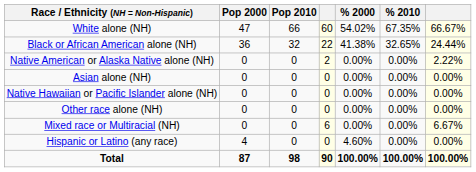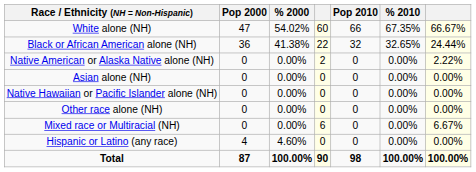 <table class="wikitable" style="text-align:center;">
 <tr>
 <th>Race / Ethnicity <small>(<em>NH = Non-Hispanic</em>)</small></th>
 <th>Pop 2000</th>
+<th>% 2000</th>
+<th></th>
 <th>Pop 2010</th>
-<th></th>
-<th>% 2000</th>
 <th>% 2010</th>
 <th></th>
 </tr>
 <tr>
 <td><a href='#'>White</a> alone (NH)</td>
 <td>47</td>
+<td>54.02%</td>
+<td style='background: #ffffe6;'>60</td>
 <td>66</td>
-<td style='background: #ffffe6;'>60</td>
-<td>54.02%</td>
 <td>67.35%</td>
 <td style='background: #ffffe6;'>66.67%</td>
 </tr>
 <tr>
 <td><a href='#'>Black or African American</a> alone (NH)</td>
 <td>36</td>
+<td>41.38%</td>
+<td style='background: #ffffe6;'>22</td>
 <td>32</td>
-<td style='background: #ffffe6;'>22</td>
-<td>41.38%</td>
 <td>32.65%</td>
 <td style='background: #ffffe6;'>24.44%</td>
 </tr>
 <tr>
 <td><a href='#'>Native American</a> or <a href='#'>Alaska Native</a> alone (NH)</td>
 <td>0</td>
+<td>0.00%</td>
+<td style='background: #ffffe6;'>2</td>
 <td>0</td>
-<td style='background: #ffffe6;'>2</td>
-<td>0.00%</td>
 <td>0.00%</td>
 <td style='background: #ffffe6;'>2.22%</td>
 </tr>
 <tr>
 <td><a href='#'>Asian</a> alone (NH)</td>
 <td>0</td>
+<td>0.00%</td>
+<td style='background: #ffffe6;'>0</td>
 <td>0</td>
-<td style='background: #ffffe6;'>0</td>
-<td>0.00%</td>
 <td>0.00%</td>
 <td style='background: #ffffe6;'>0.00%</td>
 </tr>
 <tr>
 <td><a href='#'>Native Hawaiian</a> or <a href='#'>Pacific Islander</a> alone (NH)</td>
 <td>0</td>
+<td>0.00%</td>
+<td style='background: #ffffe6;'>0</td>
 <td>0</td>
-<td style='background: #ffffe6;'>0</td>
-<td>0.00%</td>
 <td>0.00%</td>
 <td style='background: #ffffe6;'>0.00%</td>
 </tr>
 <tr>
 <td><a href='#'>Other race</a> alone (NH)</td>
 <td>0</td>
+<td>0.00%</td>
+<td style='background: #ffffe6;'>0</td>
 <td>0</td>
-<td style='background: #ffffe6;'>0</td>
-<td>0.00%</td>
 <td>0.00%</td>
 <td style='background: #ffffe6;'>0.00%</td>
 </tr>
 <tr>
 <td><a href='#'>Mixed race or Multiracial</a> (NH)</td>
 <td>0</td>
+<td>0.00%</td>
+<td style='background: #ffffe6;'>6</td>
 <td>0</td>
-<td style='background: #ffffe6;'>6</td>
-<td>0.00%</td>
 <td>0.00%</td>
 <td style='background: #ffffe6;'>6.67%</td>
 </tr>
 <tr>
 <td><a href='#'>Hispanic or Latino</a> (any race)</td>
 <td>4</td>
+<td>4.60%</td>
+<td style='background: #ffffe6;'>0</td>
 <td>0</td>
-<td style='background: #ffffe6;'>0</td>
-<td>4.60%</td>
 <td>0.00%</td>
 <td style='background: #ffffe6;'>0.00%</td>
 </tr>
 <tr>
 <td><strong>Total</strong></td>
 <td><strong>87</strong></td>
+<td><strong>100.00%</strong></td>
+<td style='background: #ffffe6;'><strong>90</strong></td>
 <td><strong>98</strong></td>
-<td style='background: #ffffe6;'><strong>90</strong></td>
-<td><strong>100.00%</strong></td>
 <td><strong>100.00%</strong></td>
 <td style='background: #ffffe6;'><strong>100.00%</strong></td>
 </tr>
 </table>
